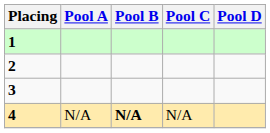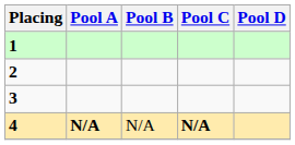 <table class=wikitable style="border:1px solid #AAAAAA;">
 <tr>
 <th>Placing</th>
 <th><a href='#'>Pool A</a></th>
 <th><a href='#'>Pool B</a></th>
 <th><a href='#'>Pool C</a></th>
 <th><a href='#'>Pool D</a></th>
 </tr>
 <tr style="background: #ccffcc;">
 <td><strong>1</strong></td>
 <td></td>
 <td></td>
 <td></td>
 <td></td>
 </tr>
 <tr>
 <td><strong>2</strong></td>
 <td></td>
 <td></td>
 <td></td>
 <td></td>
 </tr>
 <tr>
 <td><strong>3</strong></td>
 <td></td>
 <td></td>
 <td></td>
 <td></td>
 </tr>
 <tr style="background: #ffebad;">
 <td><strong>4</strong></td>
+<td><strong>N/A</strong></td>
 <td>N/A</td>
 <td><strong>N/A</strong></td>
-<td>N/A</td>
 <td></td>
 </tr>
 <tr>
 </tr>
 </table>
